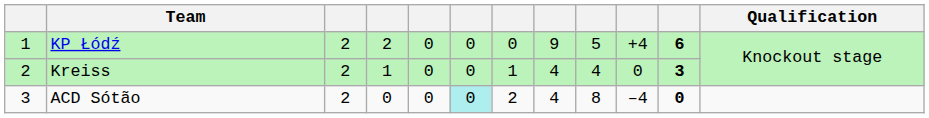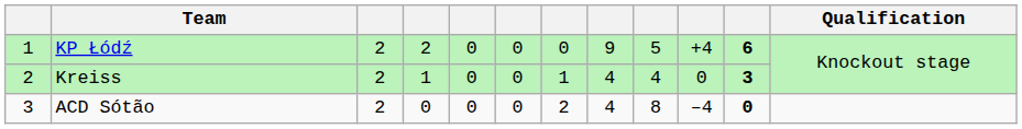 <table class="wikitable" style="font-size: 95%">
 <tr>
 <th width="25"></th>
 <th width="200">Team</th>
 <th width="25"></th>
 <th width="25"></th>
 <th width="25"></th>
 <th width="25"></th>
 <th width="25"></th>
 <th width="25"></th>
 <th width="25"></th>
 <th width="25"></th>
 <th width="25"></th>
 <th width="160">Qualification</th>
 </tr>
 <tr align=center bgcolor=#bbf3bb>
 <td>1</td>
 <td align=left> <a href='#'>KP Łódź</a></td>
 <td>2</td>
 <td>2</td>
 <td>0</td>
 <td>0</td>
 <td>0</td>
 <td>9</td>
 <td>5</td>
 <td>+4</td>
 <td><strong>6</strong></td>
 <td rowspan=2>Knockout stage</td>
 </tr>
 <tr align=center bgcolor=#bbf3bb>
 <td>2</td>
 <td align=left> Kreiss</td>
 <td>2</td>
 <td>1</td>
 <td>0</td>
 <td>0</td>
 <td>1</td>
 <td>4</td>
 <td>4</td>
 <td>0</td>
 <td><strong>3</strong></td>
 </tr>
 <tr align=center>
 <td>3</td>
 <td align=left> ACD Sótão</td>
 <td>2</td>
 <td>0</td>
 <td>0</td>
-<td style="background: paleturquoise;">0</td>
+<td>0</td>
 <td>2</td>
 <td>4</td>
 <td>8</td>
 <td>–4</td>
 <td><strong>0</strong></td>
 <td></td>
 </tr>
 </table>
